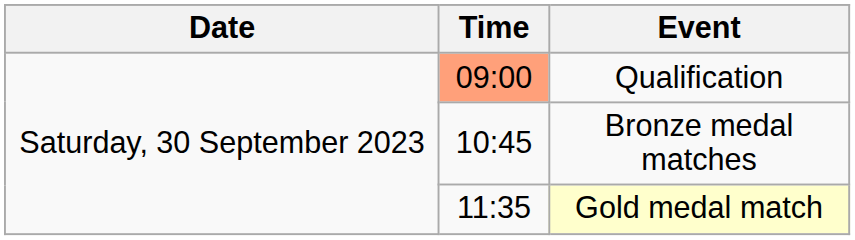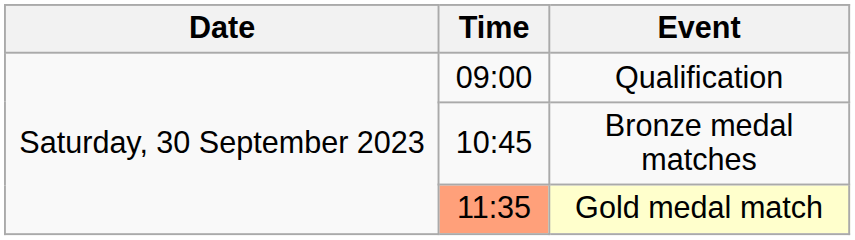 <table class = "wikitable" style="text-align:center;">
 <tr>
 <th width=220>Date</th>
 <th width=50>Time</th>
 <th width=150>Event</th>
 </tr>
 <tr>
 <td rowspan=3>Saturday, 30 September 2023</td>
-<td style="background: lightsalmon;">09:00</td>
+<td>09:00</td>
 <td>Qualification</td>
 </tr>
 <tr>
 <td>10:45</td>
 <td>Bronze medal matches</td>
 </tr>
 <tr>
-<td>11:35</td>
+<td style="background: lightsalmon;">11:35</td>
 <td bgcolor=ffffcc>Gold medal match</td>
 </tr>
 </table>
